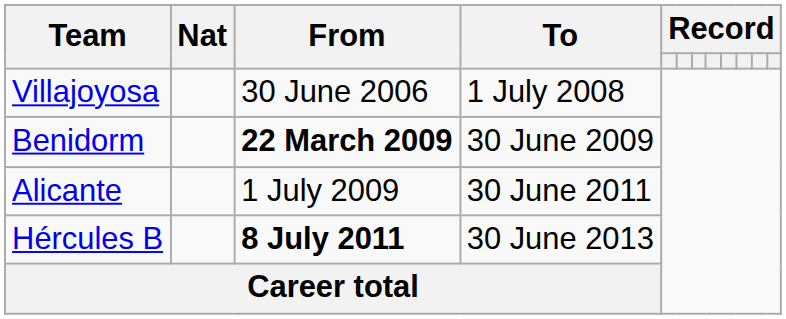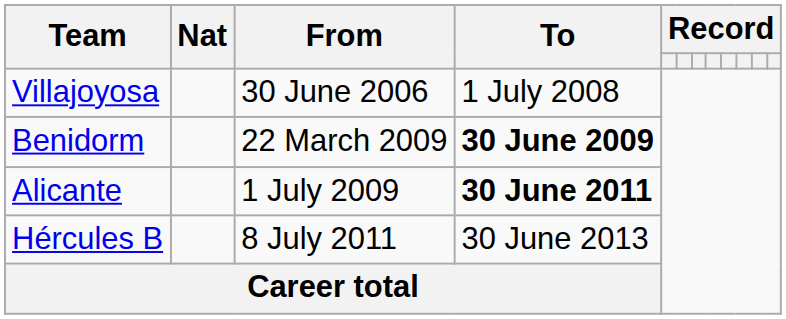 <table class="wikitable" style="text-align: center">
 <tr>
 <th rowspan="2">Team</th>
 <th rowspan="2">Nat</th>
 <th rowspan="2">From</th>
 <th rowspan="2">To</th>
 <th colspan="8">Record</th>
 </tr>
 <tr>
 <th></th>
 <th></th>
 <th></th>
 <th></th>
 <th></th>
 <th></th>
 <th></th>
 <th></th>
 </tr>
 <tr>
 <td align="left"><a href='#'>Villajoyosa</a></td>
 <td></td>
 <td align=left>30 June 2006</td>
 <td align=left>1 July 2008<br></td>
 </tr>
 <tr>
 <td align="left"><a href='#'>Benidorm</a></td>
 <td></td>
-<td align=left><strong>22 March 2009</strong></td>
-<td align=left>30 June 2009<br></td>
+<td align=left>22 March 2009</td>
+<td align=left><strong>30 June 2009<br></strong></td>
 </tr>
 <tr>
 <td align="left"><a href='#'>Alicante</a></td>
 <td></td>
 <td align=left>1 July 2009</td>
-<td align=left>30 June 2011<br></td>
+<td align=left><strong>30 June 2011<br></strong></td>
 </tr>
 <tr>
 <td align="left"><a href='#'>Hércules B</a></td>
 <td></td>
-<td align=left><strong>8 July 2011</strong></td>
+<td align=left>8 July 2011</td>
 <td align=left>30 June 2013<br></td>
 </tr>
 <tr>
 <th colspan=4>Career total<br></th>
 </tr>
 </table>
